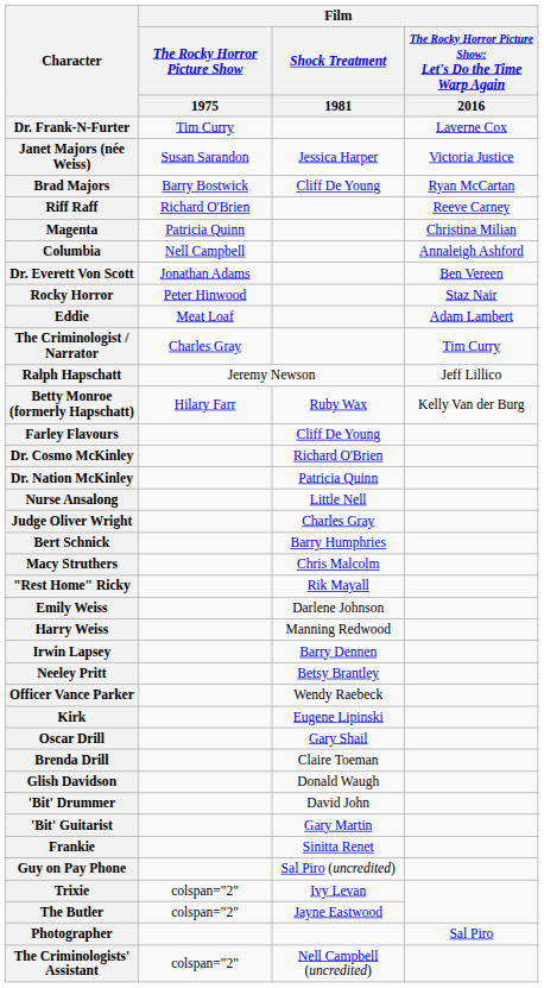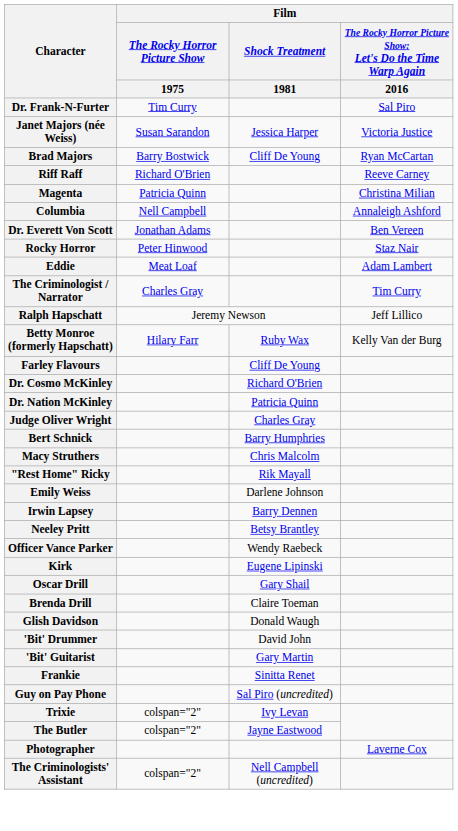 <table class="wikitable" width="100%" style="text-align:center">
 <tr>
 <th rowspan="3">Character</th>
 <th colspan="3">Film</th>
 </tr>
 <tr>
 <th width="25%"><em><a href='#'>The Rocky Horror Picture Show</a></em></th>
 <th width="25%"><em><a href='#'>Shock Treatment</a></em></th>
 <th width="25%"><em><a href='#'><small>The Rocky Horror Picture Show:</small><br>Let's Do the Time Warp Again</a></em></th>
 </tr>
 <tr>
 <th>1975</th>
 <th>1981</th>
 <th>2016</th>
 </tr>
 <tr>
 <th>Dr. Frank-N-Furter</th>
 <td><a href='#'>Tim Curry</a></td>
 <td></td>
-<td><a href='#'>Laverne Cox</a></td>
+<td><a href='#'>Sal Piro</a></td>
 </tr>
 <tr>
 <th>Janet Majors (née Weiss)</th>
 <td><a href='#'>Susan Sarandon</a></td>
 <td><a href='#'>Jessica Harper</a></td>
 <td><a href='#'>Victoria Justice</a></td>
 </tr>
 <tr>
 <th>Brad Majors</th>
 <td><a href='#'>Barry Bostwick</a></td>
 <td><a href='#'>Cliff De Young</a></td>
 <td><a href='#'>Ryan McCartan</a></td>
 </tr>
 <tr>
 <th>Riff Raff</th>
 <td><a href='#'>Richard O'Brien</a></td>
 <td></td>
 <td><a href='#'>Reeve Carney</a></td>
 </tr>
 <tr>
 <th>Magenta</th>
 <td><a href='#'>Patricia Quinn</a></td>
 <td></td>
 <td><a href='#'>Christina Milian</a></td>
 </tr>
 <tr>
 <th>Columbia</th>
 <td><a href='#'>Nell Campbell</a></td>
 <td></td>
 <td><a href='#'>Annaleigh Ashford</a></td>
 </tr>
 <tr>
 <th>Dr. Everett Von Scott</th>
 <td><a href='#'>Jonathan Adams</a></td>
 <td></td>
 <td><a href='#'>Ben Vereen</a></td>
 </tr>
 <tr>
 <th>Rocky Horror</th>
 <td><a href='#'>Peter Hinwood</a></td>
 <td></td>
 <td><a href='#'>Staz Nair</a></td>
 </tr>
 <tr>
 <th>Eddie</th>
 <td><a href='#'>Meat Loaf</a></td>
 <td></td>
 <td><a href='#'>Adam Lambert</a></td>
 </tr>
 <tr>
 <th>The Criminologist / Narrator</th>
 <td><a href='#'>Charles Gray</a></td>
 <td></td>
 <td><a href='#'>Tim Curry</a></td>
 </tr>
 <tr>
 <th>Ralph Hapschatt</th>
 <td colspan="2">Jeremy Newson</td>
 <td>Jeff Lillico</td>
 </tr>
 <tr>
 <th>Betty Monroe (formerly Hapschatt)</th>
 <td><a href='#'>Hilary Farr</a></td>
 <td><a href='#'>Ruby Wax</a></td>
 <td>Kelly Van der Burg</td>
 </tr>
 <tr>
 <th>Farley Flavours</th>
 <td></td>
 <td><a href='#'>Cliff De Young</a></td>
 <td></td>
 </tr>
 <tr>
 <th>Dr. Cosmo McKinley</th>
 <td></td>
 <td><a href='#'>Richard O'Brien</a></td>
 <td></td>
 </tr>
 <tr>
 <th>Dr. Nation McKinley</th>
 <td></td>
 <td><a href='#'>Patricia Quinn</a></td>
 <td></td>
 </tr>
 <tr>
-<th>Nurse Ansalong</th>
-<td></td>
-<td><a href='#'>Little Nell</a></td>
-<td></td>
-</tr>
-<tr>
 <th>Judge Oliver Wright</th>
 <td></td>
 <td><a href='#'>Charles Gray</a></td>
 <td></td>
 </tr>
 <tr>
 <th>Bert Schnick</th>
 <td></td>
 <td><a href='#'>Barry Humphries</a></td>
 <td></td>
 </tr>
 <tr>
 <th>Macy Struthers</th>
 <td></td>
 <td><a href='#'>Chris Malcolm</a></td>
 <td></td>
 </tr>
 <tr>
 <th>"Rest Home" Ricky</th>
 <td></td>
 <td><a href='#'>Rik Mayall</a></td>
 <td></td>
 </tr>
 <tr>
 <th>Emily Weiss</th>
 <td></td>
 <td>Darlene Johnson</td>
-<td></td>
-</tr>
-<tr>
-<th>Harry Weiss</th>
-<td></td>
-<td>Manning Redwood</td>
 <td></td>
 </tr>
 <tr>
 <th>Irwin Lapsey</th>
 <td></td>
 <td><a href='#'>Barry Dennen</a></td>
 <td></td>
 </tr>
 <tr>
 <th>Neeley Pritt</th>
 <td></td>
 <td><a href='#'>Betsy Brantley</a></td>
 <td></td>
 </tr>
 <tr>
 <th>Officer Vance Parker</th>
 <td></td>
 <td>Wendy Raebeck</td>
 <td></td>
 </tr>
 <tr>
 <th>Kirk</th>
 <td></td>
 <td><a href='#'>Eugene Lipinski</a></td>
 <td></td>
 </tr>
 <tr>
 <th>Oscar Drill</th>
 <td></td>
 <td><a href='#'>Gary Shail</a></td>
 <td></td>
 </tr>
 <tr>
 <th>Brenda Drill</th>
 <td></td>
 <td>Claire Toeman</td>
 <td></td>
 </tr>
 <tr>
 <th>Glish Davidson</th>
 <td></td>
 <td>Donald Waugh</td>
 <td></td>
 </tr>
 <tr>
 <th>'Bit' Drummer</th>
 <td></td>
 <td>David John</td>
 <td></td>
 </tr>
 <tr>
 <th>'Bit' Guitarist</th>
 <td></td>
 <td><a href='#'>Gary Martin</a></td>
 <td></td>
 </tr>
 <tr>
 <th>Frankie</th>
 <td></td>
 <td><a href='#'>Sinitta Renet</a></td>
 <td></td>
 </tr>
 <tr>
 <th>Guy on Pay Phone</th>
 <td></td>
 <td><a href='#'>Sal Piro</a> (<em>uncredited</em>)</td>
 <td></td>
 </tr>
 <tr>
 <th>Trixie</th>
 <td>colspan="2" </td>
 <td><a href='#'>Ivy Levan</a></td>
 </tr>
 <tr>
 <th>The Butler</th>
 <td>colspan="2" </td>
 <td><a href='#'>Jayne Eastwood</a></td>
 </tr>
 <tr>
 <th>Photographer</th>
 <td></td>
 <td></td>
-<td><a href='#'>Sal Piro</a></td>
+<td><a href='#'>Laverne Cox</a></td>
 </tr>
 <tr>
 <th>The Criminologists' Assistant</th>
 <td>colspan="2" </td>
 <td><a href='#'>Nell Campbell</a> (<em>uncredited</em>)</td>
 </tr>
 </table>
